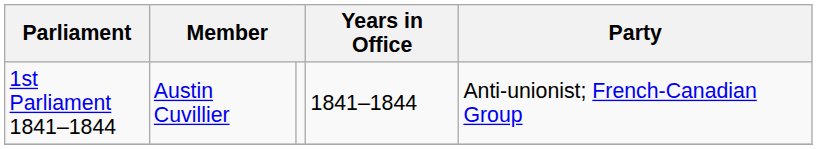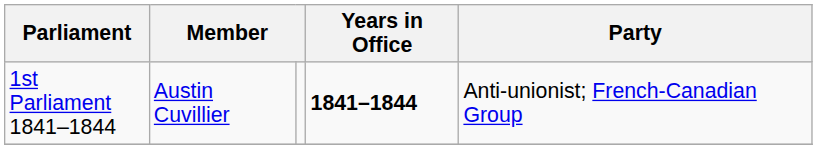 <table class="wikitable">
 <tr>
 <th>Parliament</th>
 <th colspan ="2">Member</th>
 <th>Years in Office</th>
 <th>Party</th>
 </tr>
 <tr>
 <td><a href='#'>1st Parliament</a><br>1841–1844</td>
 <td><a href='#'>Austin Cuvillier</a></td>
 <td></td>
-<td>1841–1844</td>
+<td><strong>1841–1844</strong></td>
 <td>Anti-unionist;  <a href='#'>French-Canadian Group</a></td>
 </tr>
 <tr>
 </tr>
 </table>
